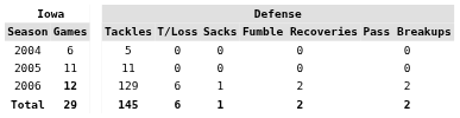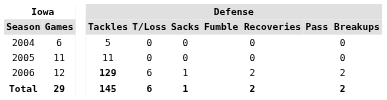 <table BORDER="0" CELLPADDING="3" CELLSPACING="0" ID="Table3" border="2">
 <tr ALIGN="center" bgcolor="#e0e0e0">
 <th ALIGN="center" colspan="2" bgcolor="#ffffff"> Iowa</th>
 <th ALIGN="center" rowspan="99" bgcolor="#ffffff"> </th>
 <th ALIGN="center" colspan="5">Defense</th>
 </tr>
 <tr ALIGN="center" bgcolor="#e0e0e0">
 <th ALIGN="center">Season</th>
 <th ALIGN="center">Games</th>
 <th ALIGN="center">Tackles</th>
 <th ALIGN="center">T/Loss</th>
 <th ALIGN="center">Sacks</th>
 <th ALIGN="center">Fumble Recoveries</th>
 <th ALIGN="center">Pass Breakups</th>
 </tr>
 <tr ALIGN="center">
 <td ALIGN="center">2004</td>
 <td ALIGN="center">6</td>
 <td ALIGN="center">5</td>
 <td ALIGN="center">0</td>
 <td ALIGN="center">0</td>
 <td ALIGN="center">0</td>
 <td ALIGN="center">0</td>
 </tr>
 <tr ALIGN="center">
 <td ALIGN="center">2005</td>
 <td ALIGN="center">11</td>
 <td ALIGN="center">11</td>
 <td ALIGN="center">0</td>
 <td ALIGN="center">0</td>
 <td ALIGN="center">0</td>
 <td ALIGN="center">0</td>
 </tr>
 <tr ALIGN="center">
 <td ALIGN="center">2006</td>
-<td ALIGN="center"><strong>12</strong></td>
-<td ALIGN="center">129</td>
+<td ALIGN="center">12</td>
+<td ALIGN="center"><strong>129</strong></td>
 <td ALIGN="center">6</td>
 <td ALIGN="center">1</td>
 <td ALIGN="center">2</td>
 <td ALIGN="center">2</td>
 </tr>
 <tr ALIGN="center" bgcolor="#f0f0f0">
 </tr>
 <tr ALIGN="center">
 <td ALIGN="center"><strong>Total</strong></td>
 <td ALIGN="center"><strong>29</strong></td>
 <td ALIGN="center"><strong>145</strong></td>
 <td ALIGN="center"><strong>6</strong></td>
 <td ALIGN="center"><strong>1</strong></td>
 <td ALIGN="center"><strong>2</strong></td>
 <td ALIGN="center"><strong>2</strong></td>
 </tr>
 <tr ALIGN="center" bgcolor="#f0f0f0">
 </tr>
 </table>
